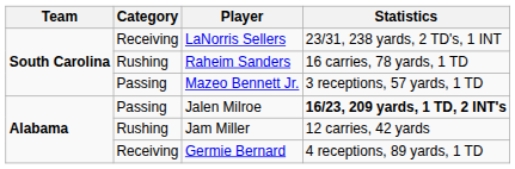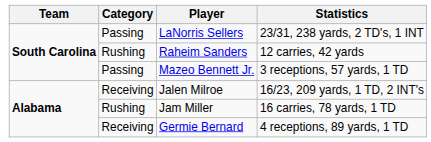 <table class="wikitable" style="float: right;">
 <tr>
 <th>Team</th>
 <th>Category</th>
 <th>Player</th>
 <th>Statistics</th>
 </tr>
 <tr>
 <td rowspan=3><strong>South Carolina</strong></td>
-<td>Receiving</td>
+<td>Passing</td>
 <td><a href='#'>LaNorris Sellers</a></td>
 <td>23/31, 238 yards, 2 TD's, 1 INT</td>
 </tr>
 <tr>
 <td>Rushing</td>
 <td><a href='#'>Raheim Sanders</a></td>
-<td>16 carries, 78 yards, 1 TD</td>
+<td>12 carries, 42 yards</td>
 </tr>
 <tr>
 <td>Passing</td>
 <td><a href='#'>Mazeo Bennett Jr.</a></td>
 <td>3 receptions, 57 yards, 1 TD</td>
 </tr>
 <tr>
 <td rowspan=3><strong>Alabama</strong></td>
-<td>Passing</td>
+<td>Receiving</td>
 <td>Jalen Milroe</td>
-<td><strong>16/23, 209 yards, 1 TD, 2 INT's</strong></td>
+<td>16/23, 209 yards, 1 TD, 2 INT's</td>
 </tr>
 <tr>
 <td>Rushing</td>
 <td>Jam Miller</td>
-<td>12 carries, 42 yards</td>
+<td>16 carries, 78 yards, 1 TD</td>
 </tr>
 <tr>
 <td>Receiving</td>
 <td><a href='#'>Germie Bernard</a></td>
 <td>4 receptions, 89 yards, 1 TD</td>
 </tr>
 </table>
